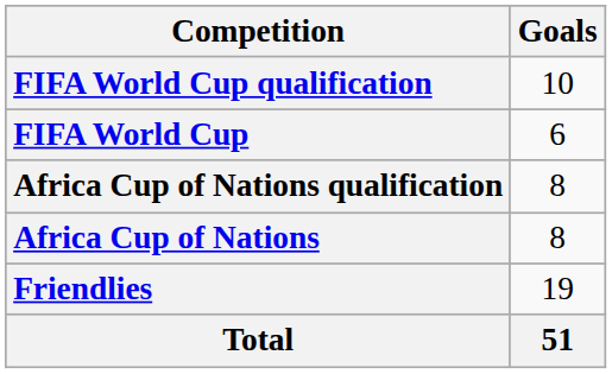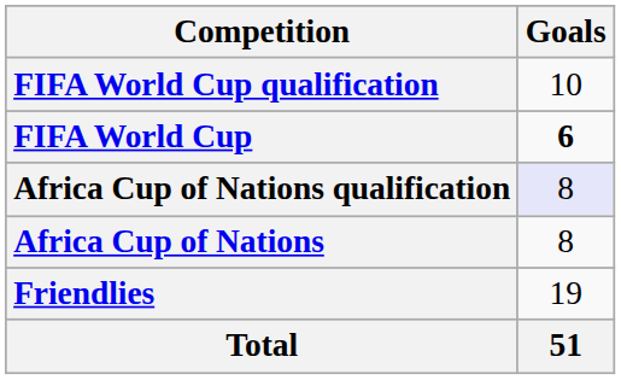 <table class="wikitable sortable plainrowheaders" style="text-align: center">
 <tr>
 <th scope=col>Competition</th>
 <th scope=col>Goals</th>
 </tr>
 <tr>
 <th style="text-align:left" scope=row><a href='#'>FIFA World Cup qualification</a></th>
 <td>10</td>
 </tr>
 <tr>
 <th style="text-align:left" scope=row><a href='#'>FIFA World Cup</a></th>
-<td>6</td>
+<td><strong>6</strong></td>
 </tr>
 <tr>
 <th style="text-align:left" scope=row>Africa Cup of Nations qualification</th>
-<td>8</td>
+<td style="background: lavender;">8</td>
 </tr>
 <tr>
 <th style="text-align:left" scope=row><a href='#'>Africa Cup of Nations</a></th>
 <td>8</td>
 </tr>
 <tr>
 <th style="text-align:left" scope=row><a href='#'>Friendlies</a></th>
 <td>19</td>
 </tr>
 <tr class="sortbottom">
 <th>Total</th>
 <th>51</th>
 </tr>
 </table>
